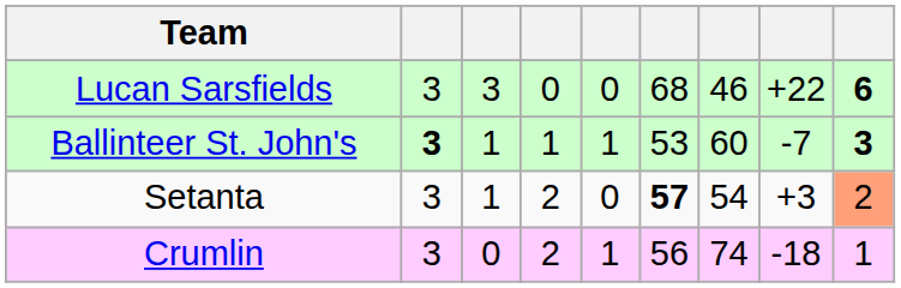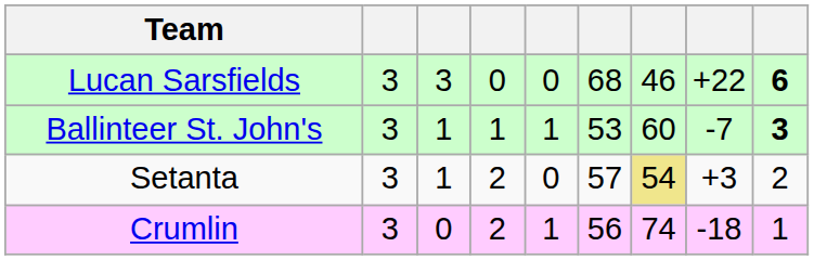 <table class="wikitable" style="text-align:center">
 <tr>
 <th style="width:175px;">Team</th>
 <th width="20"></th>
 <th width="20"></th>
 <th width="20"></th>
 <th width="20"></th>
 <th width="20"></th>
 <th width="20"></th>
 <th width="20"></th>
 <th width="20"></th>
 </tr>
 <tr style="background:#cfc;">
 <td><a href='#'>Lucan Sarsfields</a></td>
 <td>3</td>
 <td>3</td>
 <td>0</td>
 <td>0</td>
 <td>68</td>
 <td>46</td>
 <td>+22</td>
 <td><strong>6</strong></td>
 </tr>
 <tr style="background:#cfc;">
 <td><a href='#'>Ballinteer St. John's</a></td>
-<td><strong>3</strong></td>
+<td>3</td>
 <td>1</td>
 <td>1</td>
 <td>1</td>
 <td>53</td>
 <td>60</td>
 <td>-7</td>
 <td><strong>3</strong></td>
 </tr>
 <tr>
 <td>Setanta</td>
 <td>3</td>
 <td>1</td>
 <td>2</td>
 <td>0</td>
-<td><strong>57</strong></td>
-<td>54</td>
+<td>57</td>
+<td style="background: khaki;">54</td>
 <td>+3</td>
-<td style="background: lightsalmon;">2</td>
+<td>2</td>
 </tr>
 <tr style="background:#fcf;">
 <td><a href='#'>Crumlin</a></td>
 <td>3</td>
 <td>0</td>
 <td>2</td>
 <td>1</td>
 <td>56</td>
 <td>74</td>
 <td>-18</td>
 <td>1</td>
 </tr>
 </table>
